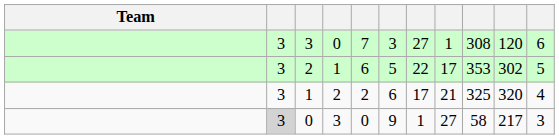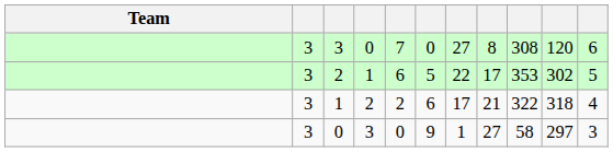 <table class=wikitable style="text-align:center">
 <tr>
 <th width=250>Team</th>
 <th width=20></th>
 <th width=20></th>
 <th width=20></th>
 <th width=20></th>
 <th width=20></th>
 <th width=20></th>
 <th width=20></th>
 <th width=20></th>
 <th width=20></th>
 <th width=20></th>
 </tr>
 <tr style="background-color:#ccffcc;">
 <td style="text-align:left;"></td>
 <td>3</td>
 <td>3</td>
 <td>0</td>
 <td>7</td>
-<td>3</td>
+<td>0</td>
 <td>27</td>
-<td>1</td>
+<td>8</td>
 <td>308</td>
 <td>120</td>
 <td>6</td>
 </tr>
 <tr style="background-color:#ccffcc;">
 <td style="text-align:left;"></td>
 <td>3</td>
 <td>2</td>
 <td>1</td>
 <td>6</td>
 <td>5</td>
 <td>22</td>
 <td>17</td>
 <td>353</td>
 <td>302</td>
 <td>5</td>
 </tr>
 <tr>
 <td style="text-align:left;"></td>
 <td>3</td>
 <td>1</td>
 <td>2</td>
 <td>2</td>
 <td>6</td>
 <td>17</td>
 <td>21</td>
-<td>325</td>
-<td>320</td>
+<td>322</td>
+<td>318</td>
 <td>4</td>
 </tr>
 <tr>
 <td style="text-align:left;"></td>
-<td style="background: lightgrey;">3</td>
+<td>3</td>
 <td>0</td>
 <td>3</td>
 <td>0</td>
 <td>9</td>
 <td>1</td>
 <td>27</td>
 <td>58</td>
-<td>217</td>
+<td>297</td>
 <td>3</td>
 </tr>
 </table>
